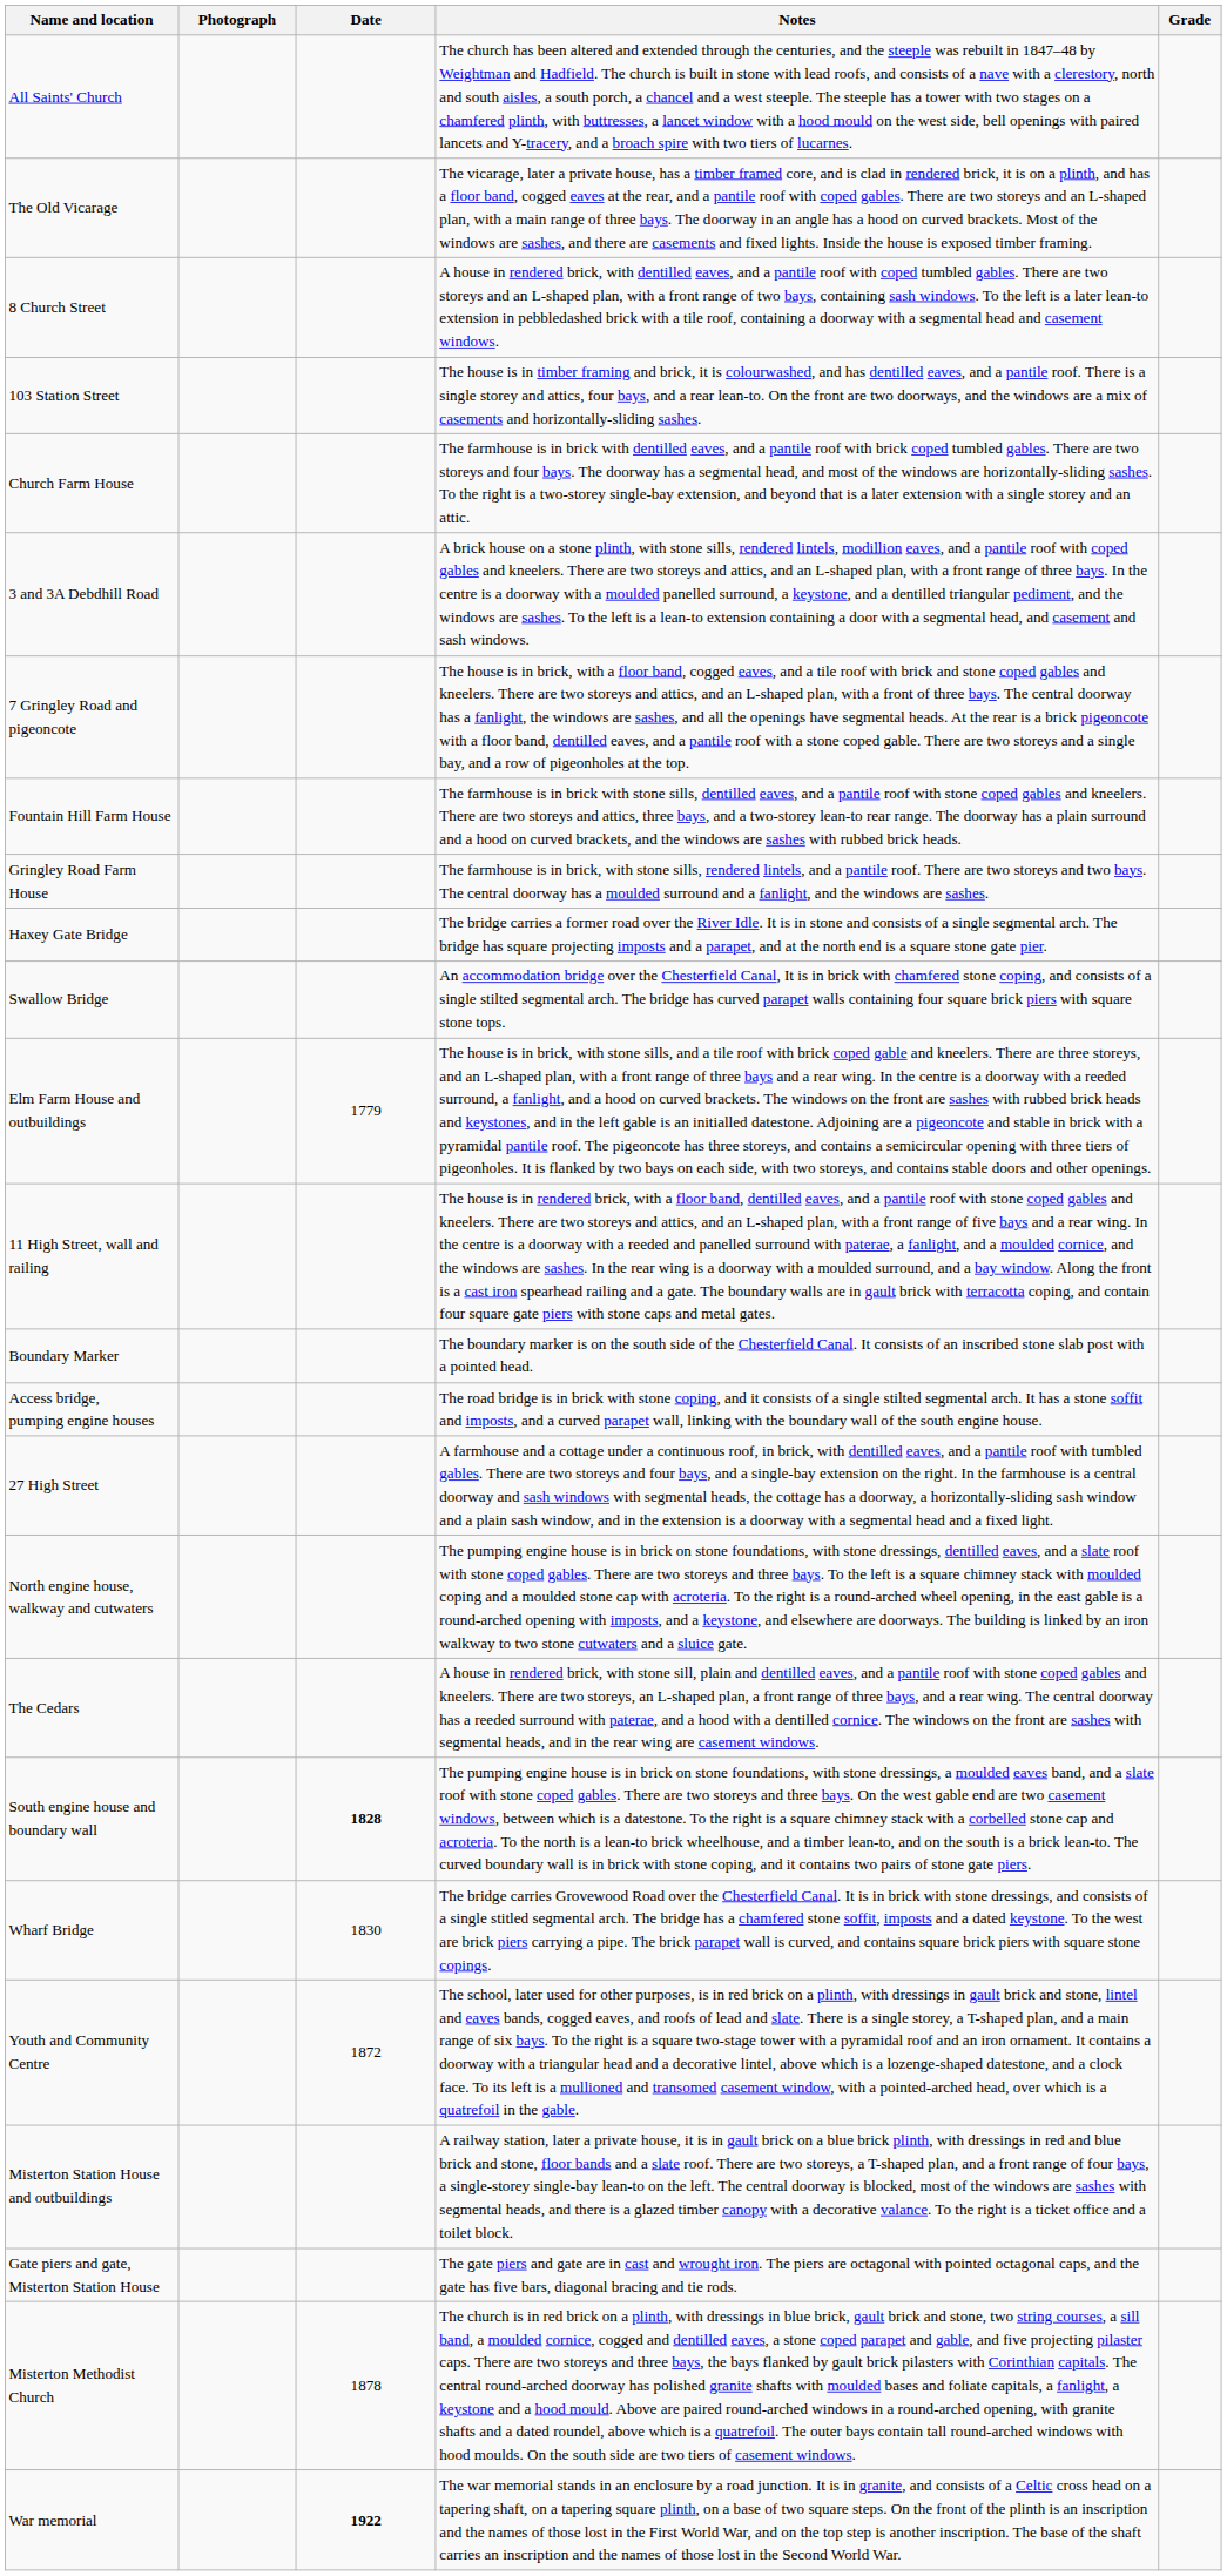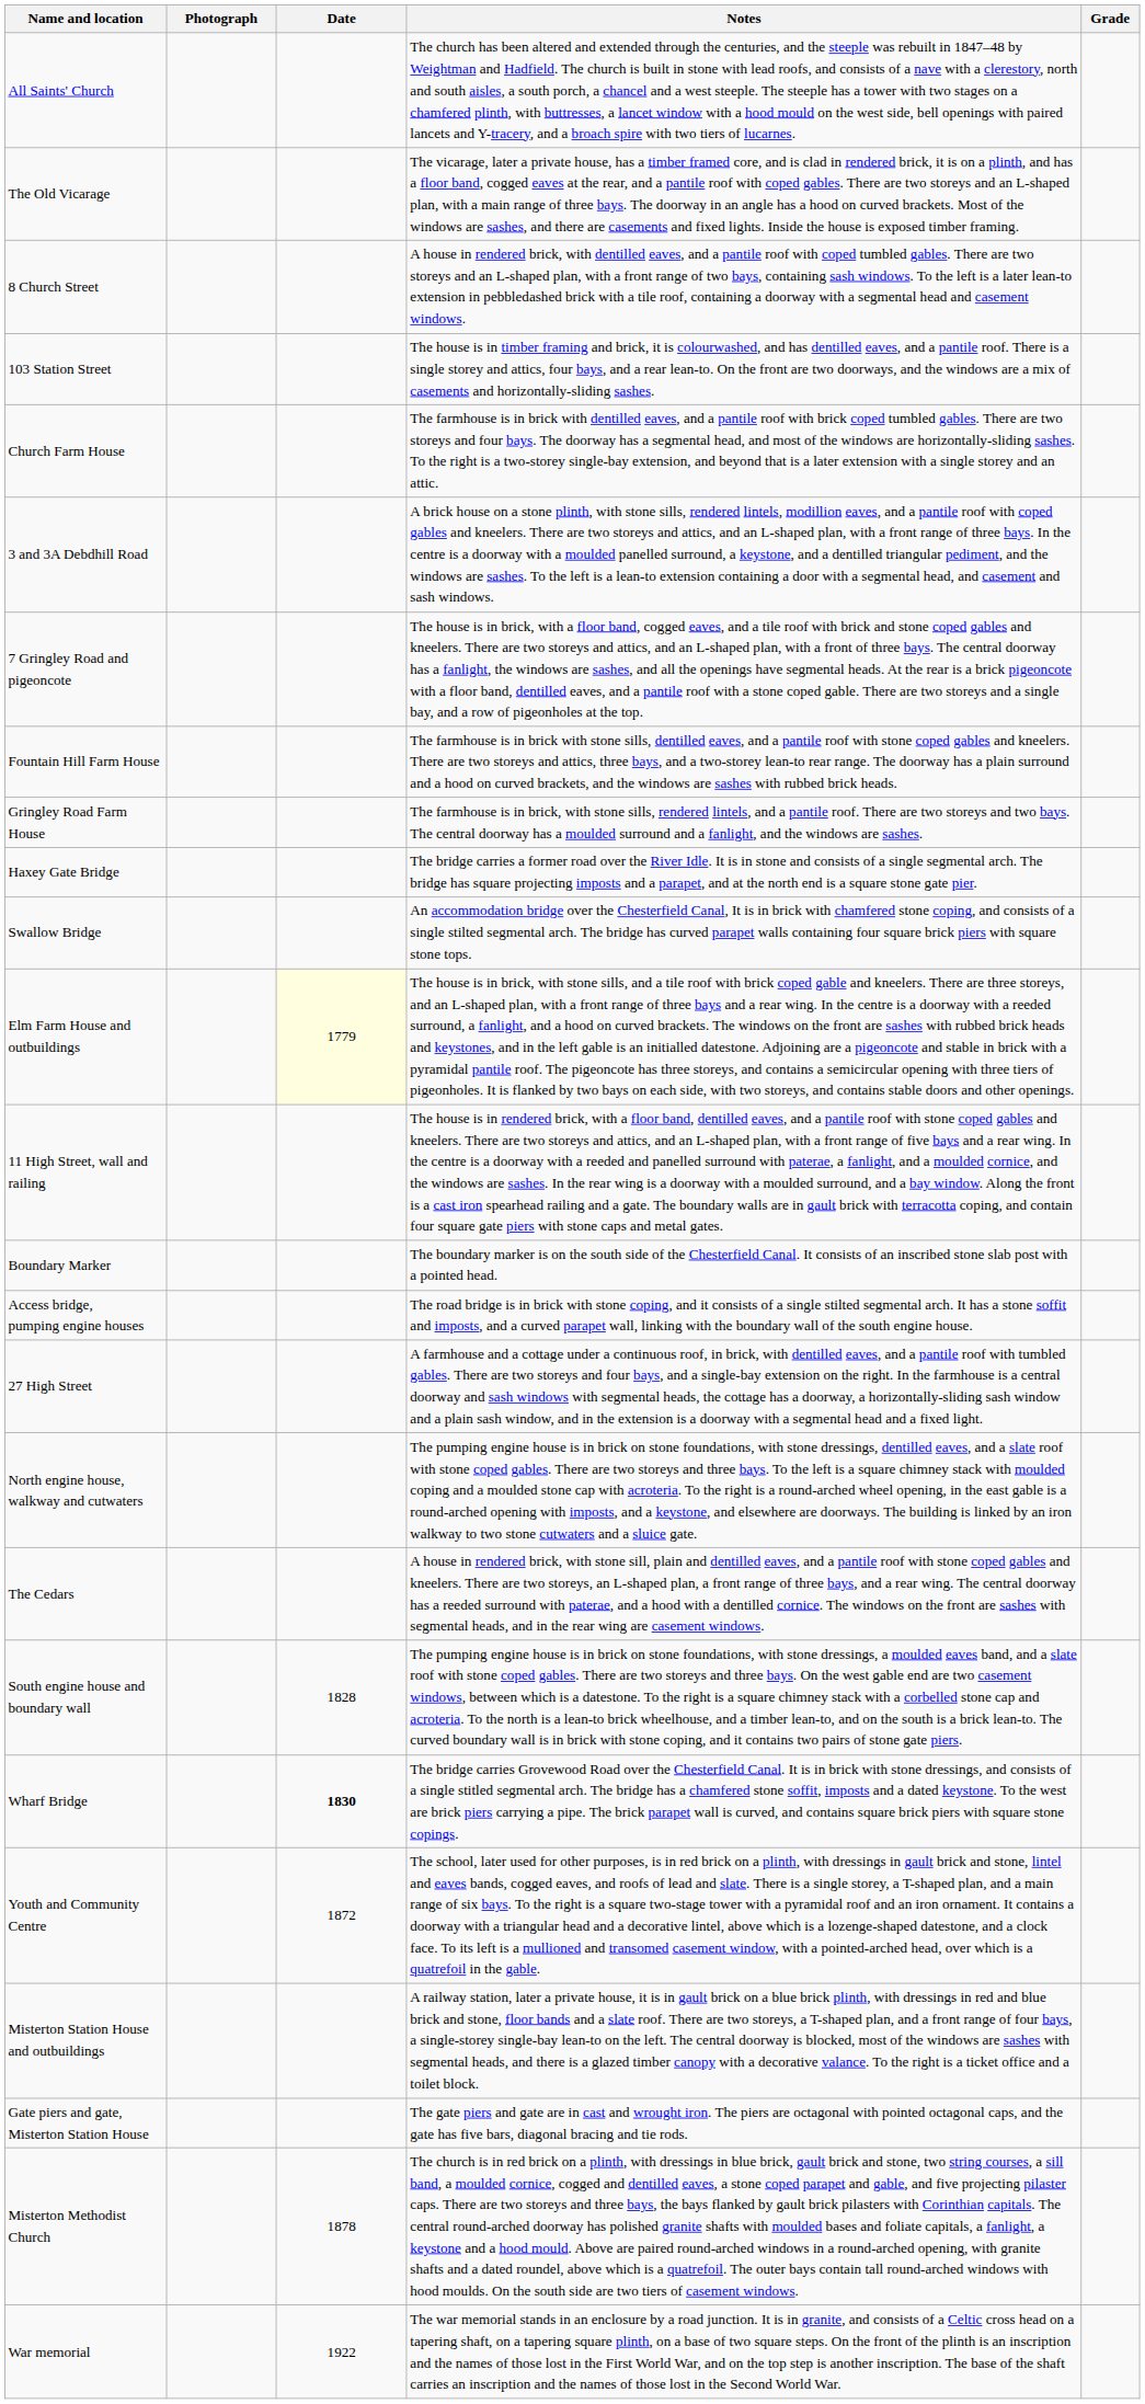 <table class="wikitable sortable plainrowheaders" style="width:100%; border:0px; text-align:left; line-height:150%">
 <tr>
 <th scope="col"  style="width:150px">Name and location</th>
 <th scope="col"  style="width:100px" class="unsortable">Photograph</th>
 <th scope="col"  style="width:120px">Date</th>
 <th scope="col"  style="width:650px" class="unsortable">Notes</th>
 <th scope="col"  style="width:50px">Grade</th>
 </tr>
 <tr>
 <td><a href='#'>All Saints' Church</a><br><small></small></td>
 <td></td>
 <td align="center"></td>
 <td>The church has been altered and extended through the centuries, and the <a href='#'>steeple</a> was rebuilt in 1847–48 by <a href='#'>Weightman</a> and <a href='#'>Hadfield</a>.  The church is built in stone with lead roofs, and consists of a <a href='#'>nave</a> with a <a href='#'>clerestory</a>, north and south <a href='#'>aisles</a>, a south porch, a <a href='#'>chancel</a> and a west steeple.  The steeple has a tower with two stages on a <a href='#'>chamfered</a> <a href='#'>plinth</a>, with <a href='#'>buttresses</a>, a <a href='#'>lancet window</a> with a <a href='#'>hood mould</a> on the west side, bell openings with paired lancets and Y-<a href='#'>tracery</a>, and a <a href='#'>broach spire</a> with two tiers of <a href='#'>lucarnes</a>.</td>
 <td align="center" ></td>
 </tr>
 <tr>
 <td>The Old Vicarage<br><small></small></td>
 <td></td>
 <td align="center"></td>
 <td>The vicarage, later a private house, has a <a href='#'>timber framed</a> core, and is clad in <a href='#'>rendered</a> brick, it is on a <a href='#'>plinth</a>, and has a <a href='#'>floor band</a>, cogged <a href='#'>eaves</a> at the rear, and a <a href='#'>pantile</a> roof with <a href='#'>coped</a> <a href='#'>gables</a>.  There are two storeys and an L-shaped plan, with a main range of three <a href='#'>bays</a>.  The doorway in an angle has a hood on curved brackets.  Most of the windows are <a href='#'>sashes</a>, and there are <a href='#'>casements</a> and fixed lights.  Inside the house is exposed timber framing.</td>
 <td align="center" ></td>
 </tr>
 <tr>
 <td>8 Church Street<br><small></small></td>
 <td></td>
 <td align="center"></td>
 <td>A house in <a href='#'>rendered</a> brick, with <a href='#'>dentilled</a> <a href='#'>eaves</a>, and a <a href='#'>pantile</a> roof with <a href='#'>coped</a> tumbled <a href='#'>gables</a>.  There are two storeys and an L-shaped plan, with a front range of two <a href='#'>bays</a>, containing <a href='#'>sash windows</a>.  To the left is a later lean-to extension in pebbledashed brick with a tile roof, containing a doorway with a segmental head and <a href='#'>casement windows</a>.</td>
 <td align="center" ></td>
 </tr>
 <tr>
 <td>103 Station Street<br><small></small></td>
 <td></td>
 <td align="center"></td>
 <td>The house is in <a href='#'>timber framing</a> and brick, it is <a href='#'>colourwashed</a>, and has <a href='#'>dentilled</a> <a href='#'>eaves</a>, and a <a href='#'>pantile</a> roof.  There is a single storey and attics, four <a href='#'>bays</a>, and a rear lean-to.  On the front are two doorways, and the windows are a mix of <a href='#'>casements</a> and horizontally-sliding <a href='#'>sashes</a>.</td>
 <td align="center" ></td>
 </tr>
 <tr>
 <td>Church Farm House<br><small></small></td>
 <td></td>
 <td align="center"></td>
 <td>The farmhouse is in brick with <a href='#'>dentilled</a> <a href='#'>eaves</a>, and a <a href='#'>pantile</a> roof with brick <a href='#'>coped</a> tumbled <a href='#'>gables</a>.  There are two storeys and four <a href='#'>bays</a>.  The doorway has a segmental head, and most of the windows are horizontally-sliding <a href='#'>sashes</a>.  To the right is a two-storey single-bay extension, and beyond that is a later extension with a single storey and an attic.</td>
 <td align="center" ></td>
 </tr>
 <tr>
 <td>3 and 3A Debdhill Road<br><small></small></td>
 <td></td>
 <td align="center"></td>
 <td>A brick house on a stone <a href='#'>plinth</a>, with stone sills, <a href='#'>rendered</a> <a href='#'>lintels</a>, <a href='#'>modillion</a> <a href='#'>eaves</a>, and a <a href='#'>pantile</a> roof with <a href='#'>coped</a> <a href='#'>gables</a> and kneelers.  There are two storeys and attics, and an L-shaped plan, with a front range of three <a href='#'>bays</a>.  In the centre is a doorway with a <a href='#'>moulded</a> panelled surround, a <a href='#'>keystone</a>, and a dentilled triangular <a href='#'>pediment</a>, and the windows are <a href='#'>sashes</a>.  To the left is a lean-to extension containing a door with a segmental head, and <a href='#'>casement</a> and sash windows.</td>
 <td align="center" ></td>
 </tr>
 <tr>
 <td>7 Gringley Road and pigeoncote<br><small></small></td>
 <td></td>
 <td align="center"></td>
 <td>The house is in brick, with a <a href='#'>floor band</a>, cogged <a href='#'>eaves</a>, and a tile roof with brick and stone <a href='#'>coped</a> <a href='#'>gables</a> and kneelers.  There are two storeys and attics, and an L-shaped plan, with a front of three <a href='#'>bays</a>.  The central doorway has a <a href='#'>fanlight</a>, the windows are <a href='#'>sashes</a>, and all the openings have segmental heads.  At the rear is a brick <a href='#'>pigeoncote</a> with a floor band, <a href='#'>dentilled</a> eaves, and a <a href='#'>pantile</a> roof with a stone coped gable.  There are two storeys and a single bay,  and a row of pigeonholes at the top.</td>
 <td align="center" ></td>
 </tr>
 <tr>
 <td>Fountain Hill Farm House<br><small></small></td>
 <td></td>
 <td align="center"></td>
 <td>The farmhouse is in brick with stone sills, <a href='#'>dentilled</a> <a href='#'>eaves</a>, and a <a href='#'>pantile</a> roof with stone <a href='#'>coped</a> <a href='#'>gables</a> and kneelers.  There are two storeys and attics, three <a href='#'>bays</a>, and a two-storey lean-to rear range.  The doorway has a plain surround and a hood on curved brackets, and the windows are <a href='#'>sashes</a> with rubbed brick heads.</td>
 <td align="center" ></td>
 </tr>
 <tr>
 <td>Gringley Road Farm House<br><small></small></td>
 <td></td>
 <td align="center"></td>
 <td>The farmhouse is in brick, with stone sills, <a href='#'>rendered</a> <a href='#'>lintels</a>, and a <a href='#'>pantile</a> roof.  There are two storeys and two <a href='#'>bays</a>.  The central doorway has a <a href='#'>moulded</a> surround and a <a href='#'>fanlight</a>, and the windows are <a href='#'>sashes</a>.</td>
 <td align="center" ></td>
 </tr>
 <tr>
 <td>Haxey Gate Bridge<br><small></small></td>
 <td></td>
 <td align="center"></td>
 <td>The bridge carries a former road over the <a href='#'>River Idle</a>.  It is in stone and consists of a single segmental arch.  The bridge has square projecting <a href='#'>imposts</a> and a <a href='#'>parapet</a>, and at the north end is a square stone gate <a href='#'>pier</a>.</td>
 <td align="center" ></td>
 </tr>
 <tr>
 <td>Swallow Bridge<br><small></small></td>
 <td></td>
 <td align="center"></td>
 <td>An <a href='#'>accommodation bridge</a> over the <a href='#'>Chesterfield Canal</a>,  It is in brick with <a href='#'>chamfered</a> stone <a href='#'>coping</a>, and consists of a single stilted segmental arch.  The bridge has curved <a href='#'>parapet</a> walls containing four square brick <a href='#'>piers</a> with square stone tops.</td>
 <td align="center" ></td>
 </tr>
 <tr>
 <td>Elm Farm House and outbuildings<br><small></small></td>
 <td></td>
-<td align="center">1779</td>
+<td align="center" style="background: lightyellow;">1779</td>
 <td>The house is in brick, with stone sills, and a tile roof with brick <a href='#'>coped</a> <a href='#'>gable</a> and kneelers.  There are three storeys, and an L-shaped plan, with a front range of three <a href='#'>bays</a> and a rear wing.  In the centre is a doorway with a reeded surround, a <a href='#'>fanlight</a>, and a hood on curved brackets.  The windows on the front are <a href='#'>sashes</a> with rubbed brick heads and <a href='#'>keystones</a>, and in the left gable is an initialled datestone. Adjoining are a <a href='#'>pigeoncote</a> and stable in brick with a pyramidal <a href='#'>pantile</a> roof.  The pigeoncote has three storeys, and contains a semicircular opening with three tiers of pigeonholes.  It is flanked by two bays on each side, with two storeys, and contains stable doors and other openings.</td>
 <td align="center" ></td>
 </tr>
 <tr>
 <td>11 High Street, wall and railing<br><small></small></td>
 <td></td>
 <td align="center"></td>
 <td>The house is in <a href='#'>rendered</a> brick, with a <a href='#'>floor band</a>, <a href='#'>dentilled</a> <a href='#'>eaves</a>, and a <a href='#'>pantile</a> roof with stone <a href='#'>coped</a> <a href='#'>gables</a> and kneelers.  There are two storeys and attics, and an L-shaped plan, with a front range of five <a href='#'>bays</a> and a rear wing.  In the centre is a doorway with a reeded and panelled surround with <a href='#'>paterae</a>, a <a href='#'>fanlight</a>, and a <a href='#'>moulded</a> <a href='#'>cornice</a>, and the windows are <a href='#'>sashes</a>.  In the rear wing is a doorway with a moulded surround, and a <a href='#'>bay window</a>.  Along the front is a <a href='#'>cast iron</a> spearhead railing and a gate.  The boundary walls are in <a href='#'>gault</a> brick with <a href='#'>terracotta</a> coping, and contain four square gate <a href='#'>piers</a> with stone caps and metal gates.</td>
 <td align="center" ></td>
 </tr>
 <tr>
 <td>Boundary Marker<br><small></small></td>
 <td></td>
 <td align="center"></td>
 <td>The boundary marker is on the south side of the <a href='#'>Chesterfield Canal</a>.  It consists of an inscribed stone slab post with a pointed head.</td>
 <td align="center" ></td>
 </tr>
 <tr>
 <td>Access bridge,<br>pumping engine houses<br><small></small></td>
 <td></td>
 <td align="center"></td>
 <td>The road bridge is in brick with stone <a href='#'>coping</a>, and it consists of a single stilted segmental arch.  It has a stone <a href='#'>soffit</a> and <a href='#'>imposts</a>, and a curved <a href='#'>parapet</a> wall, linking with the boundary wall of the south engine house.</td>
 <td align="center" ></td>
 </tr>
 <tr>
 <td>27 High Street<br><small></small></td>
 <td></td>
 <td align="center"></td>
 <td>A farmhouse and a cottage under a continuous roof, in brick, with <a href='#'>dentilled</a> <a href='#'>eaves</a>, and a <a href='#'>pantile</a> roof with tumbled <a href='#'>gables</a>.  There are two storeys and four <a href='#'>bays</a>, and a single-bay extension on the right.  In the farmhouse is a central doorway and <a href='#'>sash windows</a> with segmental heads, the cottage has a doorway, a horizontally-sliding sash window and a plain sash window, and in the extension is a doorway with a segmental head and a fixed light.</td>
 <td align="center" ></td>
 </tr>
 <tr>
 <td>North engine house, walkway and cutwaters<br><small></small></td>
 <td></td>
 <td align="center"></td>
 <td>The pumping engine house is in brick on stone foundations, with stone dressings, <a href='#'>dentilled</a> <a href='#'>eaves</a>, and a <a href='#'>slate</a> roof with stone <a href='#'>coped</a> <a href='#'>gables</a>.  There are two storeys and three <a href='#'>bays</a>.  To the left is a square chimney stack with <a href='#'>moulded</a> coping and a moulded stone cap with <a href='#'>acroteria</a>.  To the right is a round-arched wheel opening, in the east gable is a round-arched opening with <a href='#'>imposts</a>, and a <a href='#'>keystone</a>, and elsewhere are doorways.  The building is linked by an iron walkway to two stone <a href='#'>cutwaters</a> and a <a href='#'>sluice</a> gate.</td>
 <td align="center" ></td>
 </tr>
 <tr>
 <td>The Cedars<br><small></small></td>
 <td></td>
 <td align="center"></td>
 <td>A house in <a href='#'>rendered</a> brick, with stone sill, plain and <a href='#'>dentilled</a> <a href='#'>eaves</a>, and a <a href='#'>pantile</a> roof with stone <a href='#'>coped</a> <a href='#'>gables</a> and kneelers.  There are two storeys, an L-shaped plan, a front range of three <a href='#'>bays</a>, and a rear wing.  The central doorway has a reeded surround with <a href='#'>paterae</a>, and a hood with a dentilled <a href='#'>cornice</a>.  The windows on the front are <a href='#'>sashes</a> with segmental heads, and in the rear wing are <a href='#'>casement windows</a>.</td>
 <td align="center" ></td>
 </tr>
 <tr>
 <td>South engine house and boundary wall<br><small></small></td>
 <td></td>
-<td align="center"><strong>1828</strong></td>
+<td align="center">1828</td>
 <td>The pumping engine house is in brick on stone foundations, with stone dressings, a <a href='#'>moulded</a> <a href='#'>eaves</a> band, and a <a href='#'>slate</a> roof with stone <a href='#'>coped</a> <a href='#'>gables</a>. There are two storeys and three <a href='#'>bays</a>.  On the west gable end are two <a href='#'>casement windows</a>, between which is a datestone.  To the right is a square chimney stack with a <a href='#'>corbelled</a> stone cap and <a href='#'>acroteria</a>.  To the north is a lean-to brick wheelhouse, and a timber lean-to, and on the south is a brick lean-to.  The curved boundary wall is in brick with stone coping, and it contains two pairs of stone gate <a href='#'>piers</a>.</td>
 <td align="center" ></td>
 </tr>
 <tr>
 <td>Wharf Bridge<br><small></small></td>
 <td></td>
-<td align="center">1830</td>
+<td align="center"><strong>1830</strong></td>
 <td>The bridge carries Grovewood Road over the <a href='#'>Chesterfield Canal</a>.  It is in brick with stone dressings, and consists of a single stitled segmental arch.  The bridge has a <a href='#'>chamfered</a> stone <a href='#'>soffit</a>, <a href='#'>imposts</a> and a dated <a href='#'>keystone</a>.  To the west are brick <a href='#'>piers</a> carrying a pipe.  The brick <a href='#'>parapet</a> wall is curved,  and contains square brick piers with square stone <a href='#'>copings</a>.</td>
 <td align="center" ></td>
 </tr>
 <tr>
 <td>Youth and Community Centre<br><small></small></td>
 <td></td>
 <td align="center">1872</td>
 <td>The school, later used for other purposes, is in red brick on a <a href='#'>plinth</a>, with dressings in <a href='#'>gault</a> brick and stone, <a href='#'>lintel</a> and <a href='#'>eaves</a> bands, cogged eaves, and roofs of lead and <a href='#'>slate</a>.  There is a single storey, a T-shaped plan, and a main range of six <a href='#'>bays</a>.  To the right is a square two-stage tower with a pyramidal roof and an iron ornament.  It contains a doorway with a triangular head and a decorative lintel, above which is a lozenge-shaped datestone, and a clock face.  To its left is a <a href='#'>mullioned</a> and <a href='#'>transomed</a> <a href='#'>casement window</a>, with a pointed-arched head, over which is a <a href='#'>quatrefoil</a> in the <a href='#'>gable</a>.</td>
 <td align="center" ></td>
 </tr>
 <tr>
 <td>Misterton Station House and outbuildings<br><small></small></td>
 <td></td>
 <td align="center"></td>
 <td>A railway station, later a private house, it is in <a href='#'>gault</a> brick on a blue brick <a href='#'>plinth</a>, with dressings in red and blue brick and stone, <a href='#'>floor bands</a> and a <a href='#'>slate</a> roof.  There are two storeys, a T-shaped plan, and a front range of four <a href='#'>bays</a>, a single-storey single-bay lean-to on the left.  The central doorway is blocked, most of the windows are <a href='#'>sashes</a> with segmental heads, and there is a glazed timber <a href='#'>canopy</a> with a decorative <a href='#'>valance</a>.  To the right is a ticket office and a toilet block.</td>
 <td align="center" ></td>
 </tr>
 <tr>
 <td>Gate piers and gate,<br>Misterton Station House<br><small></small></td>
 <td></td>
 <td align="center"></td>
 <td>The gate <a href='#'>piers</a> and gate are in <a href='#'>cast</a> and <a href='#'>wrought iron</a>.  The piers are octagonal with pointed octagonal caps, and the gate has five bars, diagonal bracing and tie rods.</td>
 <td align="center" ></td>
 </tr>
 <tr>
 <td>Misterton Methodist Church<br><small></small></td>
 <td></td>
 <td align="center">1878</td>
 <td>The church is in red brick on a <a href='#'>plinth</a>, with dressings in blue brick, <a href='#'>gault</a> brick and stone, two <a href='#'>string courses</a>, a <a href='#'>sill band</a>, a <a href='#'>moulded</a> <a href='#'>cornice</a>, cogged and <a href='#'>dentilled</a> <a href='#'>eaves</a>, a stone <a href='#'>coped</a> <a href='#'>parapet</a> and <a href='#'>gable</a>, and five projecting <a href='#'>pilaster</a> caps.  There are two storeys and three <a href='#'>bays</a>, the bays flanked by gault brick pilasters with <a href='#'>Corinthian</a> <a href='#'>capitals</a>.  The central round-arched doorway has polished <a href='#'>granite</a> shafts with <a href='#'>moulded</a> bases and foliate capitals, a <a href='#'>fanlight</a>, a <a href='#'>keystone</a> and a <a href='#'>hood mould</a>.  Above are paired round-arched windows in a round-arched opening, with granite shafts and a dated roundel, above which is a <a href='#'>quatrefoil</a>.  The outer bays contain tall round-arched windows with hood moulds.  On the south side are two tiers of <a href='#'>casement windows</a>.</td>
 <td align="center" ></td>
 </tr>
 <tr>
 <td>War memorial<br><small></small></td>
 <td></td>
-<td align="center"><strong>1922</strong></td>
+<td align="center">1922</td>
 <td>The war memorial stands in an enclosure by a road junction. It is in <a href='#'>granite</a>, and consists of a <a href='#'>Celtic</a> cross head on a tapering shaft, on a tapering square <a href='#'>plinth</a>, on a base of two square steps.  On the front of the plinth is an inscription and the names of those lost in the First World War, and on the top step is another inscription.  The base of the shaft carries an inscription and the names of those lost in the Second World War.</td>
 <td align="center" ></td>
 </tr>
 <tr>
 </tr>
 </table>
